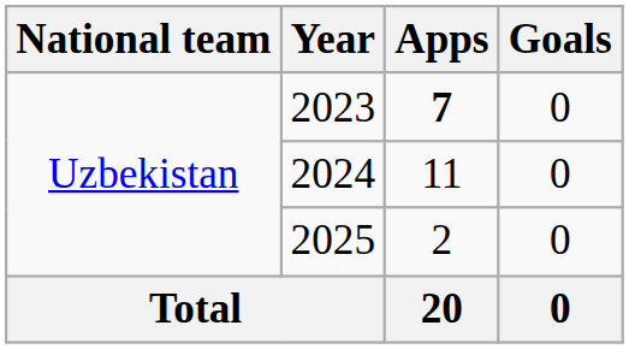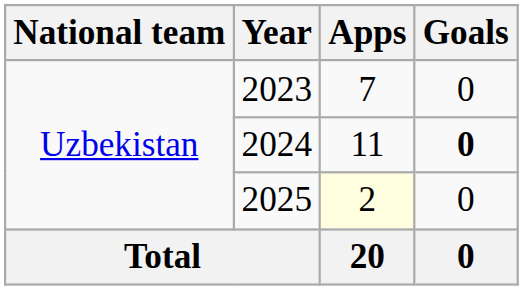 <table class="wikitable" style="text-align: center;">
 <tr>
 <th>National team</th>
 <th>Year</th>
 <th>Apps</th>
 <th>Goals</th>
 </tr>
 <tr>
 <td rowspan="3"><a href='#'>Uzbekistan</a></td>
 <td>2023</td>
-<td><strong>7</strong></td>
+<td>7</td>
 <td>0</td>
 </tr>
 <tr>
 <td>2024</td>
 <td>11</td>
-<td>0</td>
+<td><strong>0</strong></td>
 </tr>
 <tr>
 <td>2025</td>
-<td>2</td>
+<td style="background: lightyellow;">2</td>
 <td>0</td>
 </tr>
 <tr>
 <th colspan="2">Total</th>
 <th>20</th>
 <th>0</th>
 </tr>
 </table>
